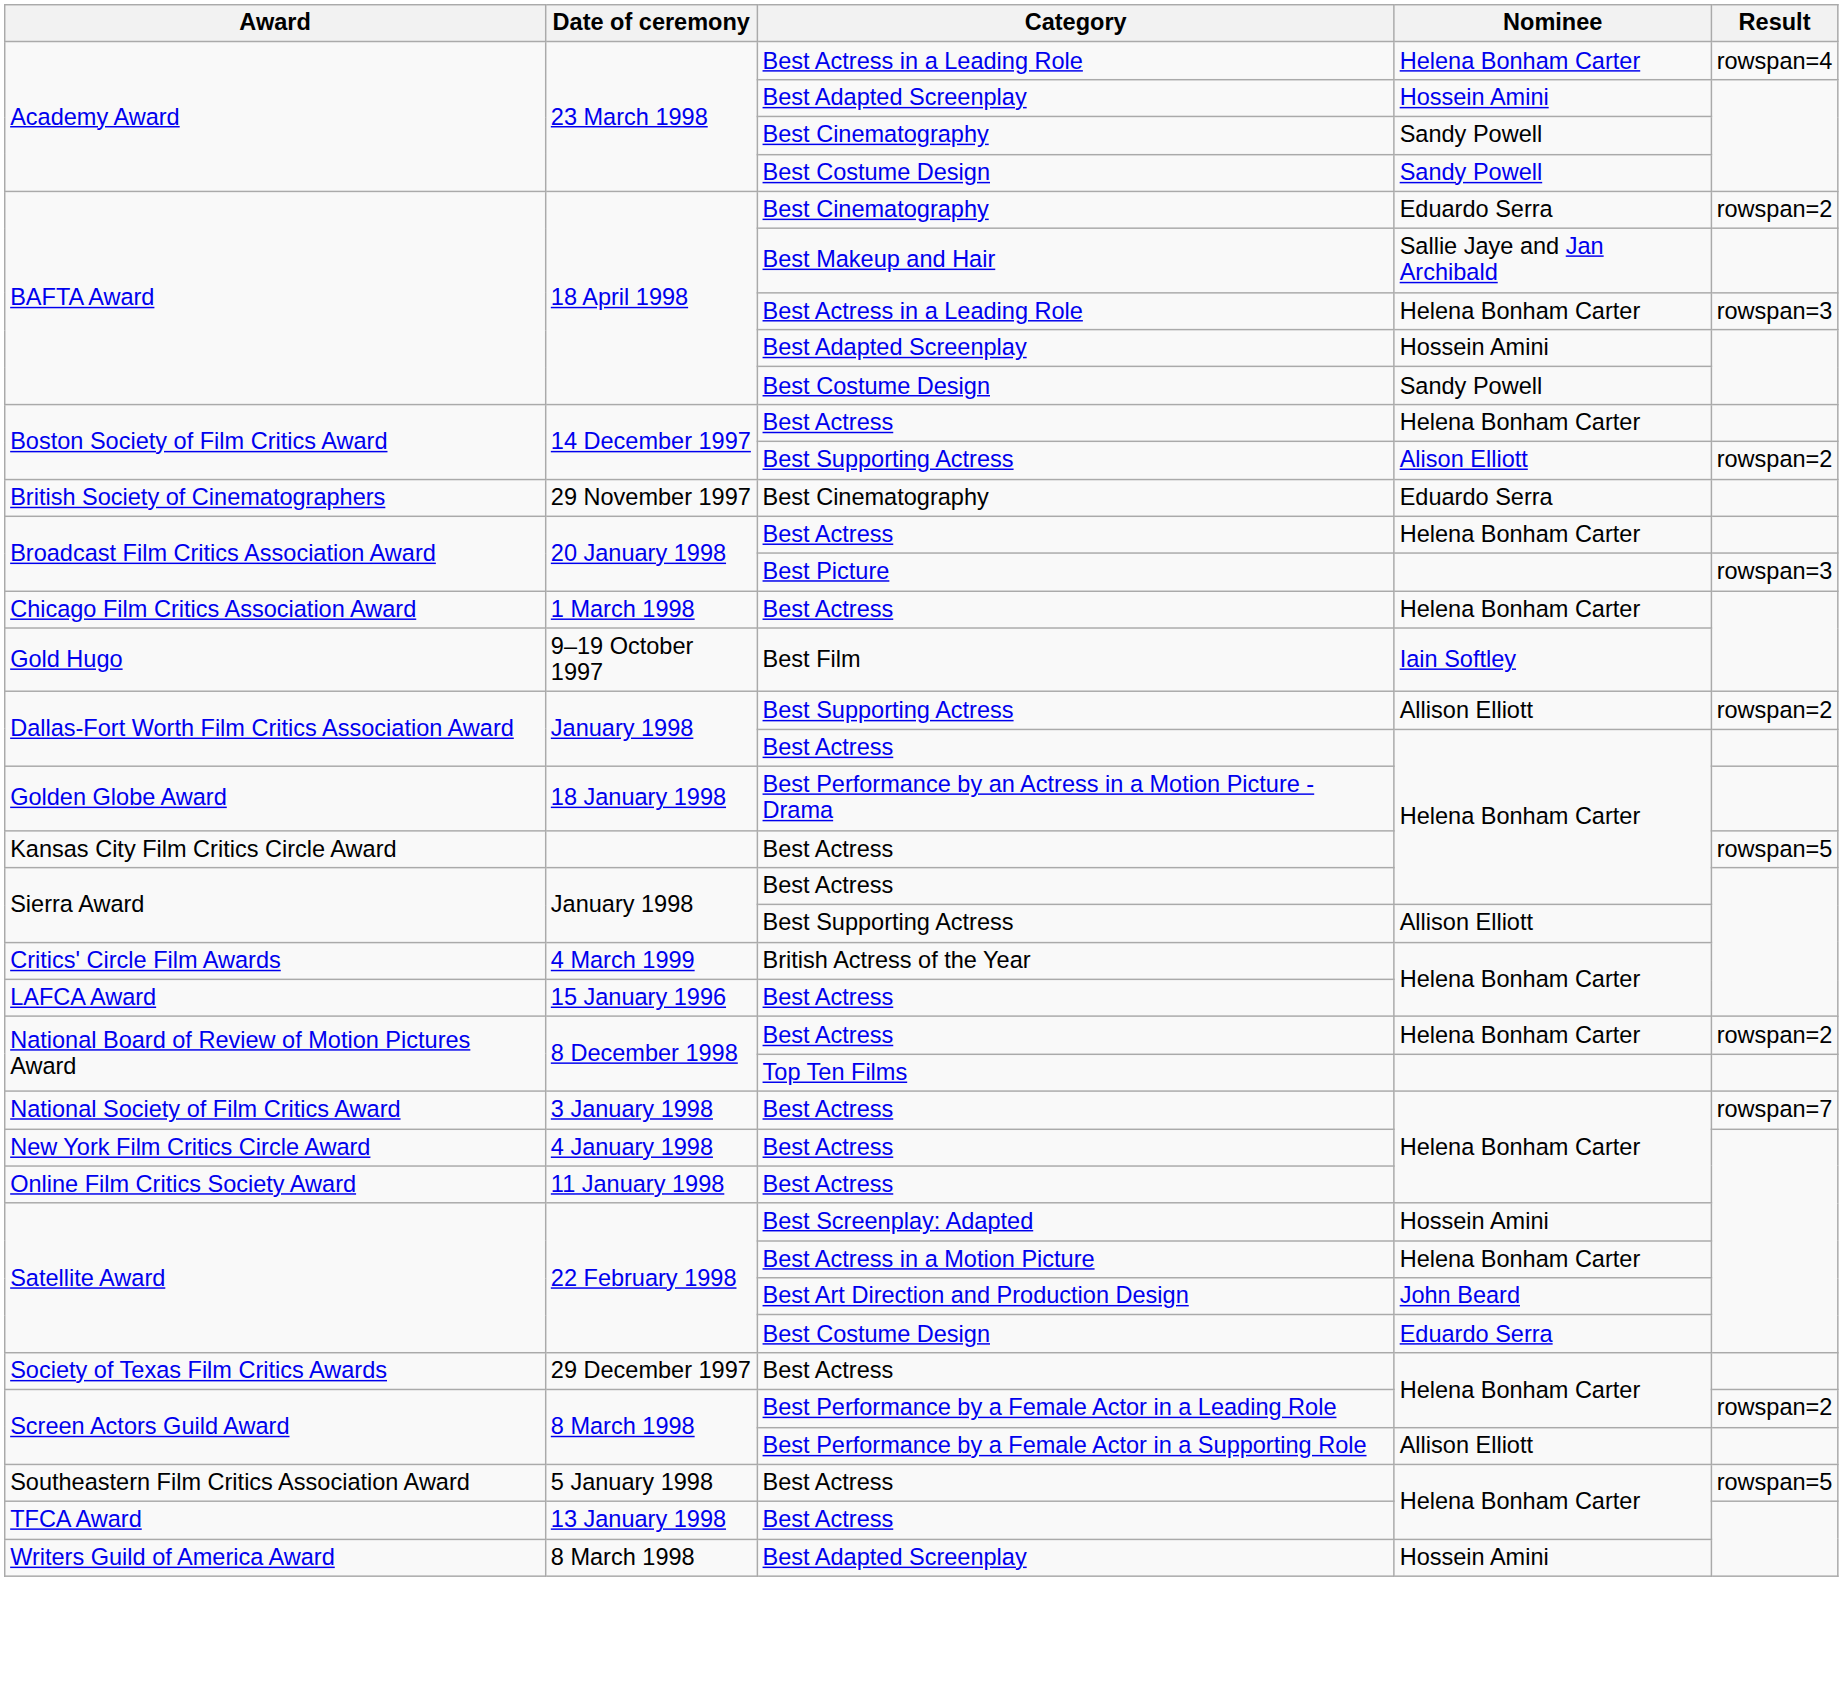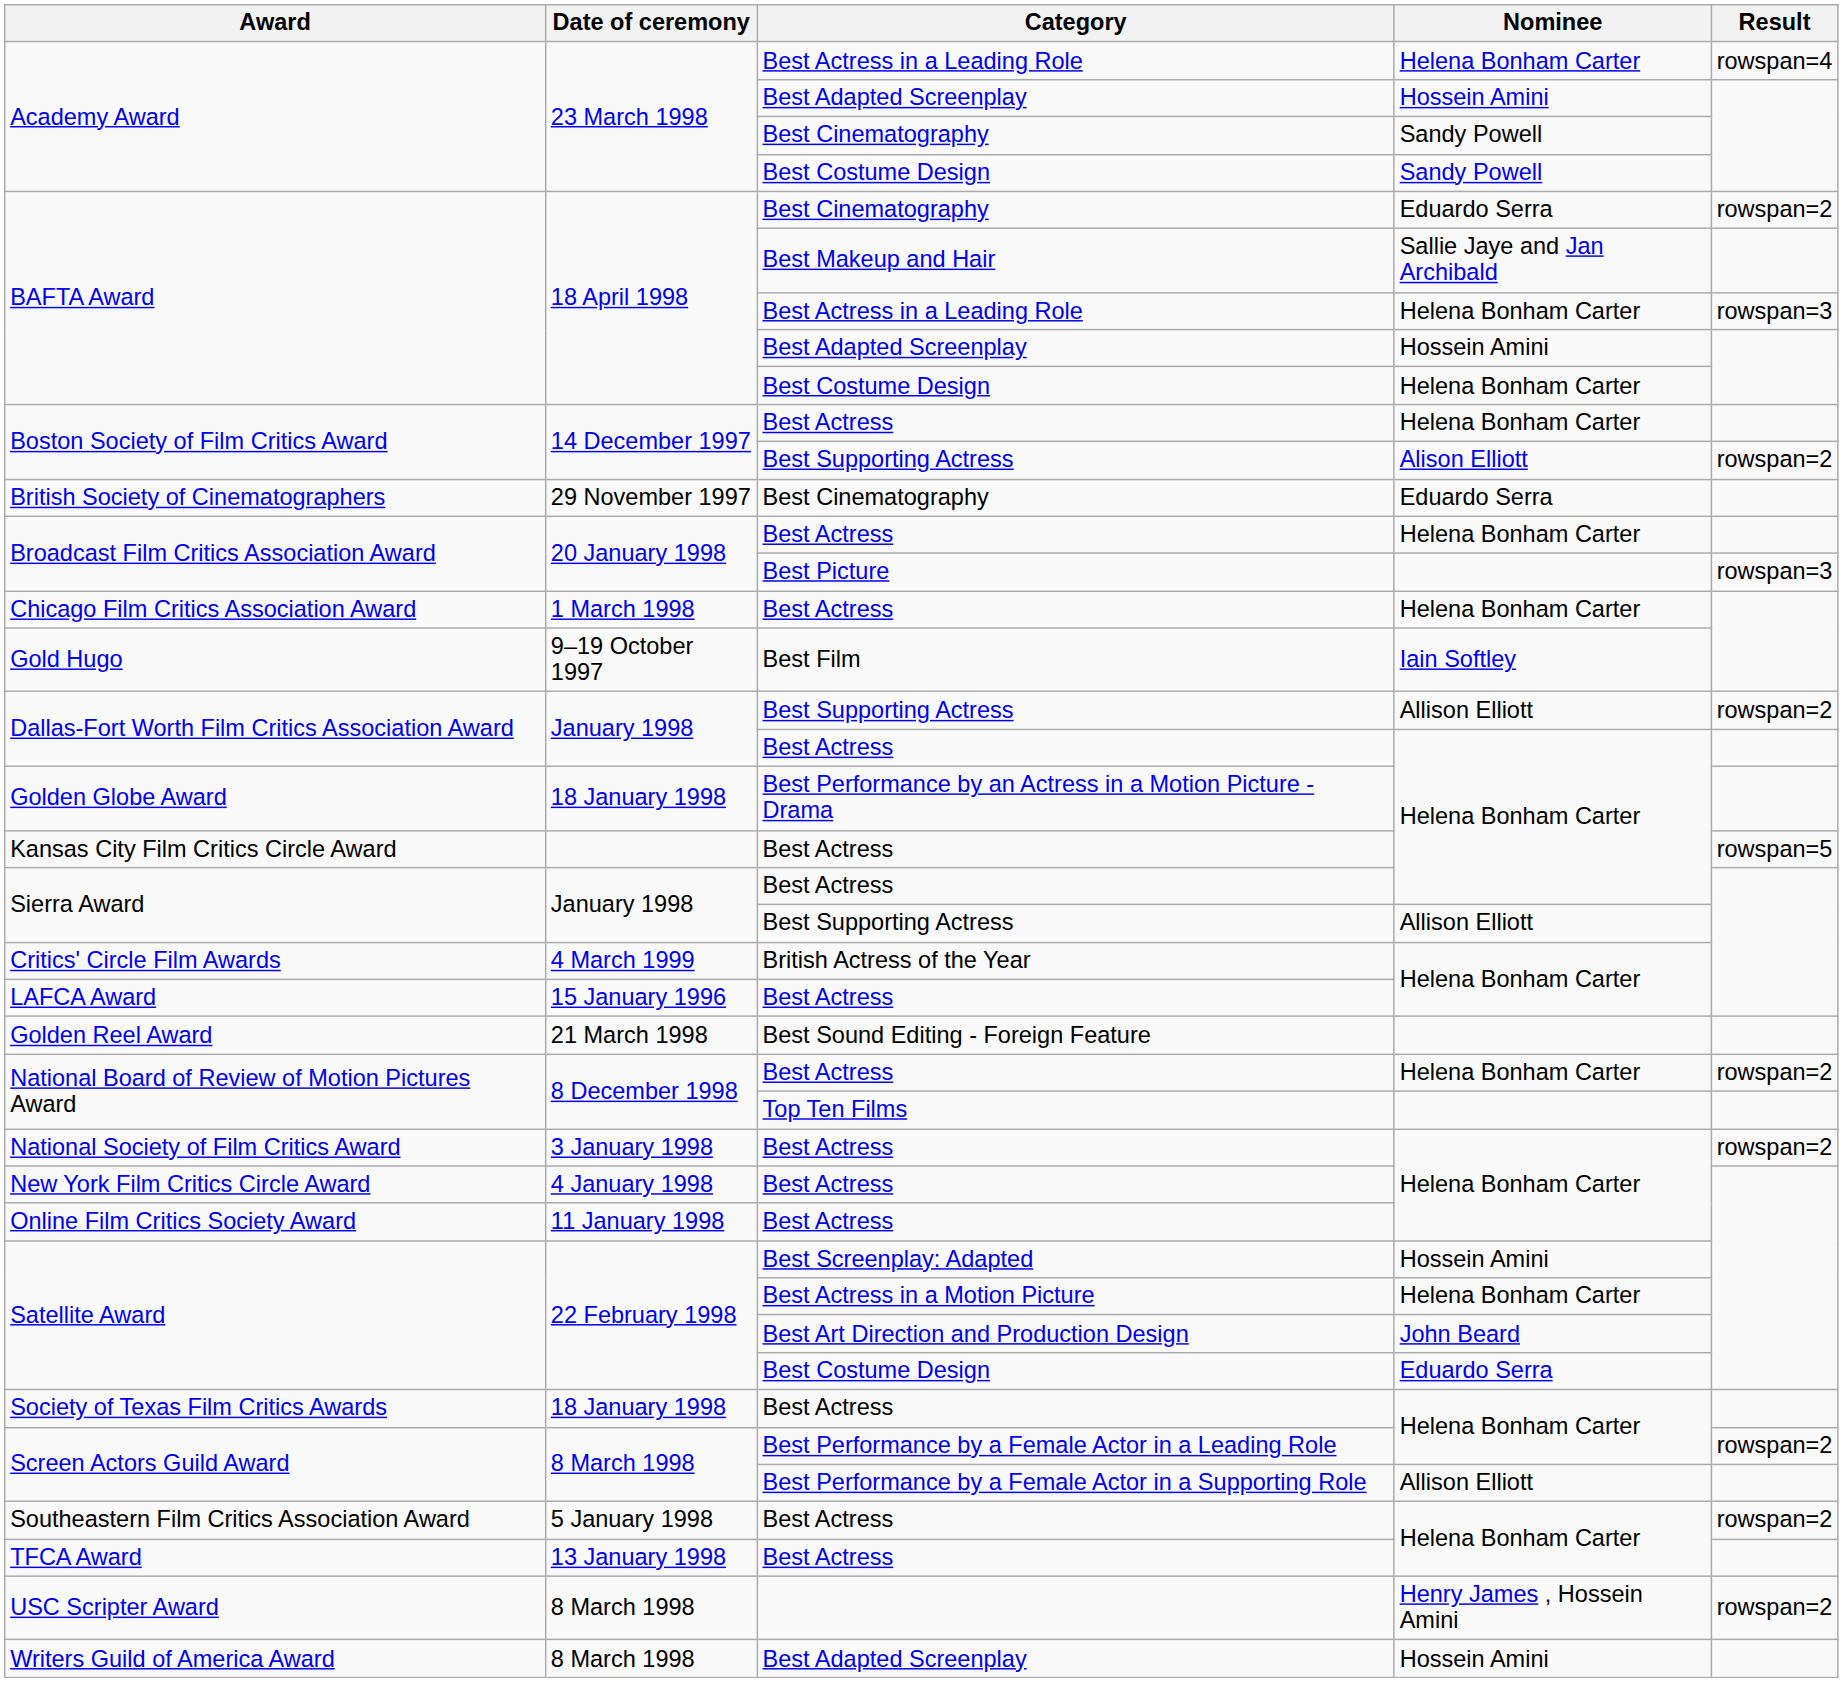 <table class="wikitable">
 <tr>
 <th>Award</th>
 <th>Date of ceremony</th>
 <th>Category</th>
 <th>Nominee</th>
 <th>Result</th>
 </tr>
 <tr>
 <td rowspan=4><a href='#'>Academy Award</a></td>
 <td rowspan=4><a href='#'>23 March 1998</a></td>
 <td><a href='#'>Best Actress in a Leading Role</a></td>
 <td><a href='#'>Helena Bonham Carter</a></td>
 <td>rowspan=4 </td>
 </tr>
 <tr>
 <td><a href='#'>Best Adapted Screenplay</a></td>
 <td><a href='#'>Hossein Amini</a></td>
 </tr>
 <tr>
 <td><a href='#'>Best Cinematography</a></td>
 <td>Sandy Powell</td>
 </tr>
 <tr>
 <td><a href='#'>Best Costume Design</a></td>
 <td><a href='#'>Sandy Powell</a></td>
 </tr>
 <tr>
 <td rowspan=5><a href='#'>BAFTA Award</a></td>
 <td rowspan=5><a href='#'>18 April 1998</a></td>
 <td><a href='#'>Best Cinematography</a></td>
 <td>Eduardo Serra</td>
 <td>rowspan=2 </td>
 </tr>
 <tr>
 <td><a href='#'>Best Makeup and Hair</a></td>
 <td>Sallie Jaye and <a href='#'>Jan Archibald</a></td>
 </tr>
 <tr>
 <td><a href='#'>Best Actress in a Leading Role</a></td>
 <td>Helena Bonham Carter</td>
 <td>rowspan=3 </td>
 </tr>
 <tr>
 <td><a href='#'>Best Adapted Screenplay</a></td>
 <td>Hossein Amini</td>
 </tr>
 <tr>
 <td><a href='#'>Best Costume Design</a></td>
-<td>Sandy Powell</td>
+<td>Helena Bonham Carter</td>
 </tr>
 <tr>
 <td rowspan=2><a href='#'>Boston Society of Film Critics Award</a></td>
 <td rowspan=2><a href='#'>14 December 1997</a></td>
 <td><a href='#'>Best Actress</a></td>
 <td>Helena Bonham Carter</td>
 <td></td>
 </tr>
 <tr>
 <td><a href='#'>Best Supporting Actress</a></td>
 <td><a href='#'>Alison Elliott</a></td>
 <td>rowspan=2 </td>
 </tr>
 <tr>
 <td><a href='#'>British Society of Cinematographers</a></td>
 <td>29 November 1997</td>
 <td>Best Cinematography</td>
 <td>Eduardo Serra</td>
 </tr>
 <tr>
 <td rowspan=2><a href='#'>Broadcast Film Critics Association Award</a></td>
 <td rowspan=2><a href='#'>20 January 1998</a></td>
 <td><a href='#'>Best Actress</a></td>
 <td>Helena Bonham Carter</td>
 <td></td>
 </tr>
 <tr>
 <td><a href='#'>Best Picture</a></td>
 <td></td>
 <td>rowspan=3 </td>
 </tr>
 <tr>
 <td><a href='#'>Chicago Film Critics Association Award</a></td>
 <td><a href='#'>1 March 1998</a></td>
 <td><a href='#'>Best Actress</a></td>
 <td>Helena Bonham Carter</td>
 </tr>
 <tr>
 <td><a href='#'>Gold Hugo</a></td>
 <td>9–19 October 1997</td>
 <td>Best Film</td>
 <td><a href='#'>Iain Softley</a></td>
 </tr>
 <tr>
 <td rowspan=2><a href='#'>Dallas-Fort Worth Film Critics Association Award</a></td>
 <td rowspan=2><a href='#'>January 1998</a></td>
 <td><a href='#'>Best Supporting Actress</a></td>
 <td>Allison Elliott</td>
 <td>rowspan=2 </td>
 </tr>
 <tr>
 <td><a href='#'>Best Actress</a></td>
 <td rowspan=4>Helena Bonham Carter</td>
 </tr>
 <tr>
 <td><a href='#'>Golden Globe Award</a></td>
 <td><a href='#'>18 January 1998</a></td>
 <td><a href='#'>Best Performance by an Actress in a Motion Picture - Drama</a></td>
 <td></td>
 </tr>
 <tr>
 <td>Kansas City Film Critics Circle Award</td>
 <td></td>
 <td>Best Actress</td>
 <td>rowspan=5 </td>
 </tr>
 <tr>
 <td rowspan=2>Sierra Award</td>
 <td rowspan=2>January 1998</td>
 <td>Best Actress</td>
 </tr>
 <tr>
 <td>Best Supporting Actress</td>
 <td>Allison Elliott</td>
 </tr>
 <tr>
 <td><a href='#'>Critics' Circle Film Awards</a></td>
 <td><a href='#'>4 March 1999</a></td>
 <td>British Actress of the Year</td>
 <td rowspan=2>Helena Bonham Carter</td>
 </tr>
 <tr>
 <td><a href='#'>LAFCA Award</a></td>
 <td><a href='#'>15 January 1996</a></td>
 <td><a href='#'>Best Actress</a></td>
 </tr>
 <tr>
+<td><a href='#'>Golden Reel Award</a></td>
+<td>21 March 1998</td>
+<td>Best Sound Editing - Foreign Feature</td>
+<td></td>
+<td></td>
+</tr>
+<tr>
 <td rowspan=2><a href='#'>National Board of Review of Motion Pictures</a> Award</td>
 <td rowspan=2><a href='#'>8 December 1998</a></td>
 <td><a href='#'>Best Actress</a></td>
 <td>Helena Bonham Carter</td>
 <td>rowspan=2 </td>
 </tr>
 <tr>
 <td><a href='#'>Top Ten Films</a></td>
 <td></td>
 </tr>
 <tr>
 <td><a href='#'>National Society of Film Critics Award</a></td>
 <td><a href='#'>3 January 1998</a></td>
 <td><a href='#'>Best Actress</a></td>
 <td rowspan=3>Helena Bonham Carter</td>
-<td>rowspan=7 </td>
+<td>rowspan=2 </td>
 </tr>
 <tr>
 <td><a href='#'>New York Film Critics Circle Award</a></td>
 <td><a href='#'>4 January 1998</a></td>
 <td><a href='#'>Best Actress</a></td>
 </tr>
 <tr>
 <td><a href='#'>Online Film Critics Society Award</a></td>
 <td><a href='#'>11 January 1998</a></td>
 <td><a href='#'>Best Actress</a></td>
 </tr>
 <tr>
 <td rowspan=4><a href='#'>Satellite Award</a></td>
 <td rowspan=4><a href='#'>22 February 1998</a></td>
 <td><a href='#'>Best Screenplay: Adapted</a></td>
 <td>Hossein Amini</td>
 </tr>
 <tr>
 <td><a href='#'>Best Actress in a Motion Picture</a></td>
 <td>Helena Bonham Carter</td>
 </tr>
 <tr>
 <td><a href='#'>Best Art Direction and Production Design</a></td>
 <td><a href='#'>John Beard</a></td>
 </tr>
 <tr>
 <td><a href='#'>Best Costume Design</a></td>
 <td><a href='#'>Eduardo Serra</a></td>
 </tr>
 <tr>
 <td><a href='#'>Society of Texas Film Critics Awards</a></td>
-<td>29 December 1997</td>
+<td><a href='#'>18 January 1998</a></td>
 <td>Best Actress</td>
 <td rowspan=2>Helena Bonham Carter</td>
 <td></td>
 </tr>
 <tr>
 <td rowspan=2><a href='#'>Screen Actors Guild Award</a></td>
 <td rowspan=2><a href='#'>8 March 1998</a></td>
 <td><a href='#'>Best Performance by a Female Actor in a Leading Role</a></td>
 <td>rowspan=2 </td>
 </tr>
 <tr>
 <td><a href='#'>Best Performance by a Female Actor in a Supporting Role</a></td>
 <td>Allison Elliott</td>
 </tr>
 <tr>
 <td>Southeastern Film Critics Association Award</td>
 <td>5 January 1998</td>
 <td>Best Actress</td>
 <td rowspan=2>Helena Bonham Carter</td>
-<td>rowspan=5 </td>
+<td>rowspan=2 </td>
 </tr>
 <tr>
 <td><a href='#'>TFCA Award</a></td>
 <td><a href='#'>13 January 1998</a></td>
 <td><a href='#'>Best Actress</a></td>
+</tr>
+<tr>
+<td><a href='#'>USC Scripter Award</a></td>
+<td>8 March 1998</td>
+<td></td>
+<td><a href='#'>Henry James</a> , Hossein Amini </td>
+<td>rowspan=2 </td>
 </tr>
 <tr>
 <td><a href='#'>Writers Guild of America Award</a></td>
 <td>8 March 1998</td>
 <td><a href='#'>Best Adapted Screenplay</a></td>
 <td>Hossein Amini</td>
 </tr>
 </table>
